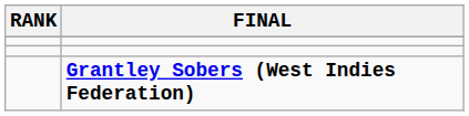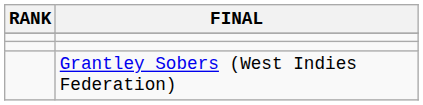 <table class="wikitable">
 <tr>
 <th>RANK</th>
 <th style="width: 20em">FINAL</th>
 </tr>
 <tr>
 </tr>
 <tr>
 <td align="center"></td>
 <td></td>
 </tr>
 <tr>
 <td align="center"></td>
 <td></td>
 </tr>
 <tr>
 <td align="center"></td>
-<td><strong> <a href='#'>Grantley Sobers</a> (West Indies Federation)</strong></td>
+<td> <a href='#'>Grantley Sobers</a> (West Indies Federation)</td>
 </tr>
 </table>
